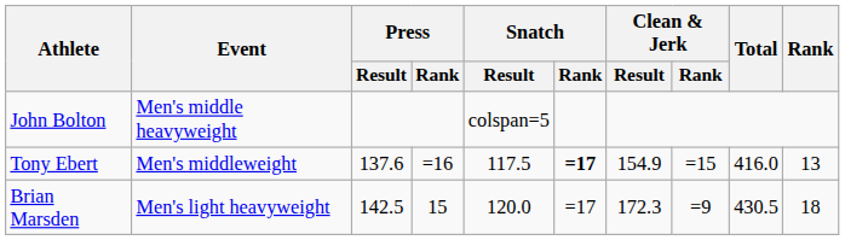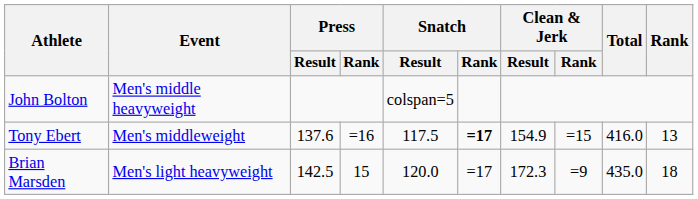 <table class="wikitable" style="font-size:90%">
 <tr>
 <th rowspan="2">Athlete</th>
 <th rowspan="2">Event</th>
 <th colspan="2">Press</th>
 <th colspan="2">Snatch</th>
 <th colspan="2">Clean & Jerk</th>
 <th rowspan="2">Total</th>
 <th rowspan="2">Rank</th>
 </tr>
 <tr style="font-size:95%">
 <th>Result</th>
 <th>Rank</th>
 <th>Result</th>
 <th>Rank</th>
 <th>Result</th>
 <th>Rank</th>
 </tr>
 <tr align=center>
 <td align=left><a href='#'>John Bolton</a></td>
 <td align=left><a href='#'>Men's middle heavyweight</a></td>
 <td colspan=2></td>
 <td>colspan=5 </td>
 <td></td>
 </tr>
 <tr align=center>
 <td align=left><a href='#'>Tony Ebert</a></td>
 <td align=left><a href='#'>Men's middleweight</a></td>
 <td>137.6</td>
 <td>=16</td>
 <td>117.5</td>
 <td><strong>=17</strong></td>
 <td>154.9</td>
 <td>=15</td>
 <td>416.0</td>
 <td>13</td>
 </tr>
 <tr align=center>
 <td align=left><a href='#'>Brian Marsden</a></td>
 <td align=left><a href='#'>Men's light heavyweight</a></td>
 <td>142.5</td>
 <td>15</td>
 <td>120.0</td>
 <td>=17</td>
 <td>172.3</td>
 <td>=9</td>
-<td>430.5</td>
+<td>435.0</td>
 <td>18</td>
 </tr>
 </table>
